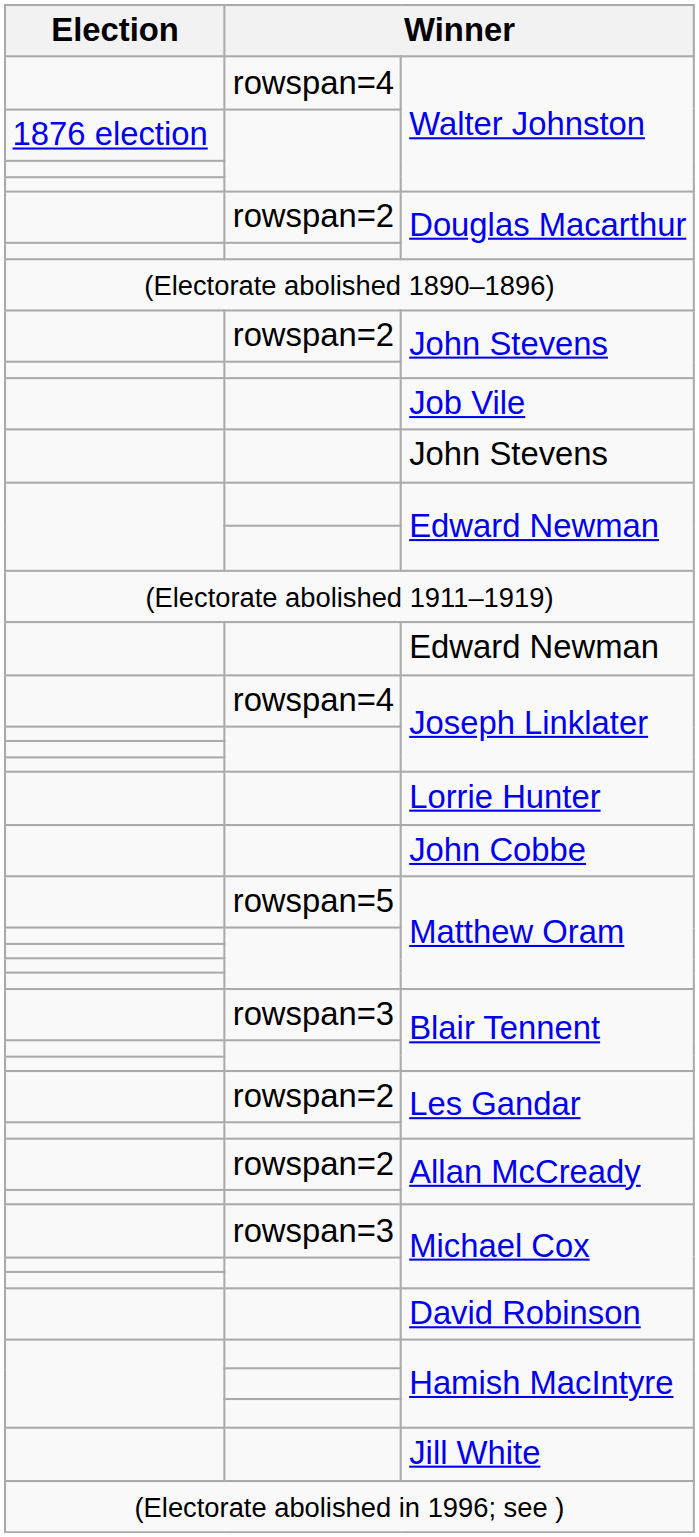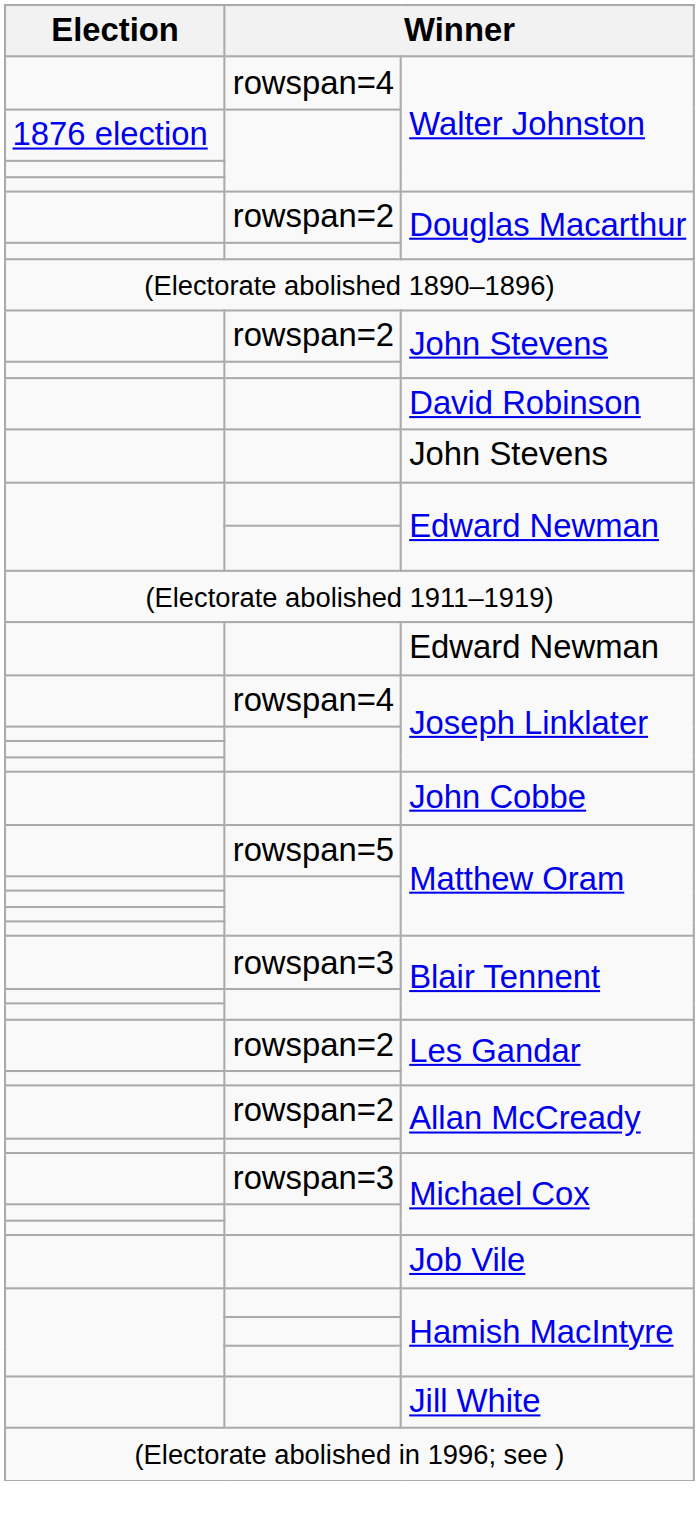 <table class=wikitable>
 <tr>
 <th width=100>Election</th>
 <th width=175 colspan=2>Winner</th>
 </tr>
 <tr>
 <td></td>
 <td>rowspan=4 </td>
 <td rowspan=4><a href='#'>Walter Johnston</a></td>
 </tr>
 <tr>
 <td><a href='#'>1876 election</a></td>
 </tr>
 <tr>
 <td></td>
 </tr>
 <tr>
 <td></td>
 </tr>
 <tr>
 <td></td>
 <td>rowspan=2 </td>
 <td rowspan=2><a href='#'>Douglas Macarthur</a></td>
 </tr>
 <tr>
 <td></td>
 </tr>
 <tr>
 <td colspan=3 align=center><small>(Electorate abolished 1890–1896)</small></td>
 </tr>
 <tr>
 <td></td>
 <td>rowspan=2 </td>
 <td rowspan=2><a href='#'>John Stevens</a></td>
 </tr>
 <tr>
 <td></td>
 </tr>
 <tr>
 <td></td>
 <td></td>
-<td><a href='#'>Job Vile</a></td>
+<td><a href='#'>David Robinson</a></td>
 </tr>
 <tr>
 <td></td>
 <td></td>
 <td>John Stevens</td>
 </tr>
 <tr>
 <td height=36 rowspan=2></td>
 <td></td>
 <td rowspan=2><a href='#'>Edward Newman</a></td>
 </tr>
 <tr>
 <td></td>
 </tr>
 <tr>
 <td colspan=3 align=center><small>(Electorate abolished 1911–1919)</small></td>
 </tr>
 <tr>
 <td></td>
 <td></td>
 <td>Edward Newman</td>
 </tr>
 <tr>
 <td></td>
 <td>rowspan=4 </td>
 <td rowspan=4><a href='#'>Joseph Linklater</a></td>
 </tr>
 <tr>
 <td></td>
 </tr>
 <tr>
 <td></td>
 </tr>
 <tr>
 <td></td>
-</tr>
-<tr>
-<td></td>
-<td></td>
-<td><a href='#'>Lorrie Hunter</a></td>
 </tr>
 <tr>
 <td></td>
 <td></td>
 <td><a href='#'>John Cobbe</a></td>
 </tr>
 <tr>
 <td></td>
 <td>rowspan=5 </td>
 <td rowspan=5><a href='#'>Matthew Oram</a></td>
 </tr>
 <tr>
 <td></td>
 </tr>
 <tr>
 <td></td>
 </tr>
 <tr>
 <td></td>
 </tr>
 <tr>
 <td></td>
 </tr>
 <tr>
 <td></td>
 <td>rowspan=3 </td>
 <td rowspan=3><a href='#'>Blair Tennent</a></td>
 </tr>
 <tr>
 <td></td>
 </tr>
 <tr>
 <td></td>
 </tr>
 <tr>
 <td></td>
 <td>rowspan=2 </td>
 <td rowspan=2><a href='#'>Les Gandar</a></td>
 </tr>
 <tr>
 <td></td>
 </tr>
 <tr>
 <td></td>
 <td>rowspan=2 </td>
 <td rowspan=2><a href='#'>Allan McCready</a></td>
 </tr>
 <tr>
 <td></td>
 </tr>
 <tr>
 <td></td>
 <td>rowspan=3 </td>
 <td rowspan=3><a href='#'>Michael Cox</a></td>
 </tr>
 <tr>
 <td></td>
 </tr>
 <tr>
 <td></td>
 </tr>
 <tr>
 <td></td>
 <td></td>
-<td><a href='#'>David Robinson</a></td>
+<td><a href='#'>Job Vile</a></td>
 </tr>
 <tr>
 <td rowspan=3 height=36></td>
 <td></td>
 <td rowspan=3><a href='#'>Hamish MacIntyre</a></td>
 </tr>
 <tr>
 <td></td>
 </tr>
 <tr>
 <td></td>
 </tr>
 <tr>
 <td></td>
 <td></td>
 <td><a href='#'>Jill White</a></td>
 </tr>
 <tr>
 <td colspan=3 align=center><small>(Electorate abolished in 1996; see )</small></td>
 </tr>
 </table>
